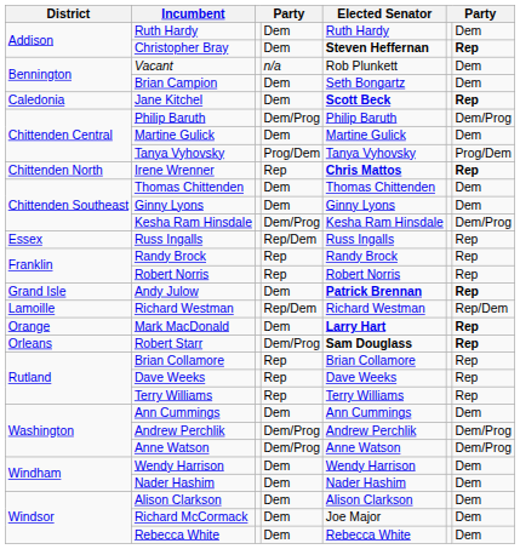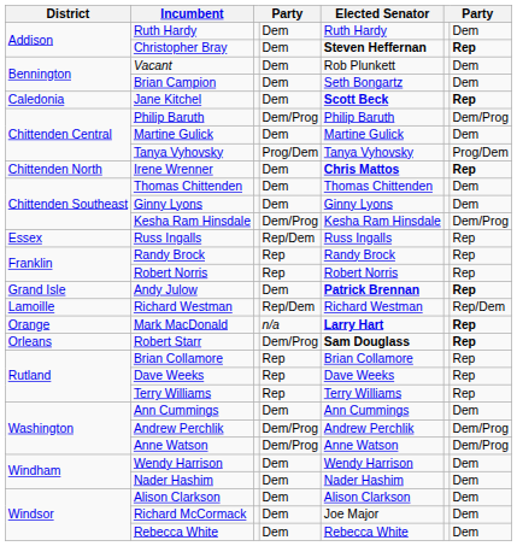 <table class=wikitable style="font-size:95%;line-height:14px;">
 <tr>
 <th>District</th>
 <th><a href='#'>Incumbent</a></th>
 <th colspan=2>Party</th>
 <th class="unsortable">Elected Senator</th>
 <th colspan=2>Party</th>
 </tr>
 <tr>
 <td rowspan=2><a href='#'>Addison</a></td>
 <td><a href='#'>Ruth Hardy</a></td>
 <td style="background:"></td>
 <td>Dem</td>
 <td><a href='#'>Ruth Hardy</a></td>
 <td style="background:"></td>
 <td>Dem</td>
 </tr>
 <tr>
 <td><a href='#'>Christopher Bray</a></td>
 <td style="background:"></td>
 <td>Dem</td>
 <td><strong>Steven Heffernan</strong></td>
 <td style="background:"></td>
 <td><strong>Rep</strong></td>
 </tr>
 <tr>
 <td rowspan=2><a href='#'>Bennington</a></td>
 <td><em>Vacant</em></td>
 <td></td>
-<td><em>n/a</em></td>
+<td>Dem</td>
 <td>Rob Plunkett</td>
 <td style="background:"></td>
 <td>Dem</td>
 </tr>
 <tr>
 <td><a href='#'>Brian Campion</a></td>
 <td style="background:"></td>
 <td>Dem</td>
 <td><a href='#'>Seth Bongartz</a></td>
 <td style="background:"></td>
 <td>Dem</td>
 </tr>
 <tr>
 <td><a href='#'>Caledonia</a></td>
 <td><a href='#'>Jane Kitchel</a></td>
 <td style="background:"></td>
 <td>Dem</td>
 <td><strong><a href='#'>Scott Beck</a></strong></td>
 <td style="background:"></td>
 <td><strong>Rep</strong></td>
 </tr>
 <tr>
 <td rowspan=3><a href='#'>Chittenden Central</a></td>
 <td><a href='#'>Philip Baruth</a></td>
 <td style="background:"></td>
 <td>Dem/Prog</td>
 <td><a href='#'>Philip Baruth</a></td>
 <td style="background:"></td>
 <td>Dem/Prog</td>
 </tr>
 <tr>
 <td><a href='#'>Martine Gulick</a></td>
 <td style="background:"></td>
 <td>Dem</td>
 <td><a href='#'>Martine Gulick</a></td>
 <td style="background:"></td>
 <td>Dem</td>
 </tr>
 <tr>
 <td><a href='#'>Tanya Vyhovsky</a></td>
 <td style="background:"></td>
 <td>Prog/Dem</td>
 <td><a href='#'>Tanya Vyhovsky</a></td>
 <td style="background:"></td>
 <td>Prog/Dem</td>
 </tr>
 <tr>
 <td><a href='#'>Chittenden North</a></td>
 <td><a href='#'>Irene Wrenner</a></td>
 <td style="background:"></td>
-<td>Rep</td>
+<td>Dem</td>
 <td><strong><a href='#'>Chris Mattos</a></strong></td>
 <td style="background:"></td>
 <td><strong>Rep</strong></td>
 </tr>
 <tr>
 <td rowspan=3><a href='#'>Chittenden Southeast</a></td>
 <td><a href='#'>Thomas Chittenden</a></td>
 <td style="background:"></td>
 <td>Dem</td>
 <td><a href='#'>Thomas Chittenden</a></td>
 <td style="background:"></td>
 <td>Dem</td>
 </tr>
 <tr>
 <td><a href='#'>Ginny Lyons</a></td>
 <td style="background:"></td>
 <td>Dem</td>
 <td><a href='#'>Ginny Lyons</a></td>
 <td style="background:"></td>
 <td>Dem</td>
 </tr>
 <tr>
 <td><a href='#'>Kesha Ram Hinsdale</a></td>
 <td style="background:"></td>
 <td>Dem/Prog</td>
 <td><a href='#'>Kesha Ram Hinsdale</a></td>
 <td style="background:"></td>
 <td>Dem/Prog</td>
 </tr>
 <tr>
 <td><a href='#'>Essex</a></td>
 <td><a href='#'>Russ Ingalls</a></td>
 <td style="background:"></td>
 <td>Rep/Dem</td>
 <td><a href='#'>Russ Ingalls</a></td>
 <td style="background:"></td>
 <td>Rep</td>
 </tr>
 <tr>
 <td rowspan=2><a href='#'>Franklin</a></td>
 <td><a href='#'>Randy Brock</a></td>
 <td style="background:"></td>
 <td>Rep</td>
 <td><a href='#'>Randy Brock</a></td>
 <td style="background:"></td>
 <td>Rep</td>
 </tr>
 <tr>
 <td><a href='#'>Robert Norris</a></td>
 <td style="background:"></td>
 <td>Rep</td>
 <td><a href='#'>Robert Norris</a></td>
 <td style="background:"></td>
 <td>Rep</td>
 </tr>
 <tr>
 <td><a href='#'>Grand Isle</a></td>
 <td><a href='#'>Andy Julow</a></td>
 <td style="background:"></td>
 <td>Dem</td>
 <td><strong><a href='#'>Patrick Brennan</a></strong></td>
 <td style="background:"></td>
 <td><strong>Rep</strong></td>
 </tr>
 <tr>
 <td><a href='#'>Lamoille</a></td>
 <td><a href='#'>Richard Westman</a></td>
 <td style="background:"></td>
 <td>Rep/Dem</td>
 <td><a href='#'>Richard Westman</a></td>
 <td style="background:"></td>
 <td>Rep/Dem</td>
 </tr>
 <tr>
 <td><a href='#'>Orange</a></td>
 <td><a href='#'>Mark MacDonald</a></td>
 <td style="background:"></td>
-<td>Dem</td>
+<td><em>n/a</em></td>
 <td><strong><a href='#'>Larry Hart</a></strong></td>
 <td style="background:"></td>
 <td><strong>Rep</strong></td>
 </tr>
 <tr>
 <td><a href='#'>Orleans</a></td>
 <td><a href='#'>Robert Starr</a></td>
 <td style="background:"></td>
 <td>Dem/Prog</td>
 <td><strong>Sam Douglass</strong></td>
 <td style="background:"></td>
 <td><strong>Rep</strong></td>
 </tr>
 <tr>
 <td rowspan=3><a href='#'>Rutland</a></td>
 <td><a href='#'>Brian Collamore</a></td>
 <td style="background:"></td>
 <td>Rep</td>
 <td><a href='#'>Brian Collamore</a></td>
 <td style="background:"></td>
 <td>Rep</td>
 </tr>
 <tr>
 <td><a href='#'>Dave Weeks</a></td>
 <td style="background:"></td>
 <td>Rep</td>
 <td><a href='#'>Dave Weeks</a></td>
 <td style="background:"></td>
 <td>Rep</td>
 </tr>
 <tr>
 <td><a href='#'>Terry Williams</a></td>
 <td style="background:"></td>
 <td>Rep</td>
 <td><a href='#'>Terry Williams</a></td>
 <td style="background:"></td>
 <td>Rep</td>
 </tr>
 <tr>
 <td rowspan=3><a href='#'>Washington</a></td>
 <td><a href='#'>Ann Cummings</a></td>
 <td style="background:"></td>
 <td>Dem</td>
 <td><a href='#'>Ann Cummings</a></td>
 <td style="background:"></td>
 <td>Dem</td>
 </tr>
 <tr>
 <td><a href='#'>Andrew Perchlik</a></td>
 <td style="background:"></td>
 <td>Dem/Prog</td>
 <td><a href='#'>Andrew Perchlik</a></td>
 <td style="background:"></td>
 <td>Dem/Prog</td>
 </tr>
 <tr>
 <td><a href='#'>Anne Watson</a></td>
 <td style="background:"></td>
 <td>Dem/Prog</td>
 <td><a href='#'>Anne Watson</a></td>
 <td style="background:"></td>
 <td>Dem/Prog</td>
 </tr>
 <tr>
 <td rowspan=2><a href='#'>Windham</a></td>
 <td><a href='#'>Wendy Harrison</a></td>
 <td style="background:"></td>
 <td>Dem</td>
 <td><a href='#'>Wendy Harrison</a></td>
 <td style="background:"></td>
 <td>Dem</td>
 </tr>
 <tr>
 <td><a href='#'>Nader Hashim</a></td>
 <td style="background:"></td>
 <td>Dem</td>
 <td><a href='#'>Nader Hashim</a></td>
 <td style="background:"></td>
 <td>Dem</td>
 </tr>
 <tr>
 <td rowspan=3><a href='#'>Windsor</a></td>
 <td><a href='#'>Alison Clarkson</a></td>
 <td style="background:"></td>
 <td>Dem</td>
 <td><a href='#'>Alison Clarkson</a></td>
 <td style="background:"></td>
 <td>Dem</td>
 </tr>
 <tr>
 <td><a href='#'>Richard McCormack</a></td>
 <td style="background:"></td>
 <td>Dem</td>
 <td>Joe Major</td>
 <td style="background:"></td>
 <td>Dem</td>
 </tr>
 <tr>
 <td><a href='#'>Rebecca White</a></td>
 <td style="background:"></td>
 <td>Dem</td>
 <td><a href='#'>Rebecca White</a></td>
 <td style="background:"></td>
 <td>Dem</td>
 </tr>
 </table>
